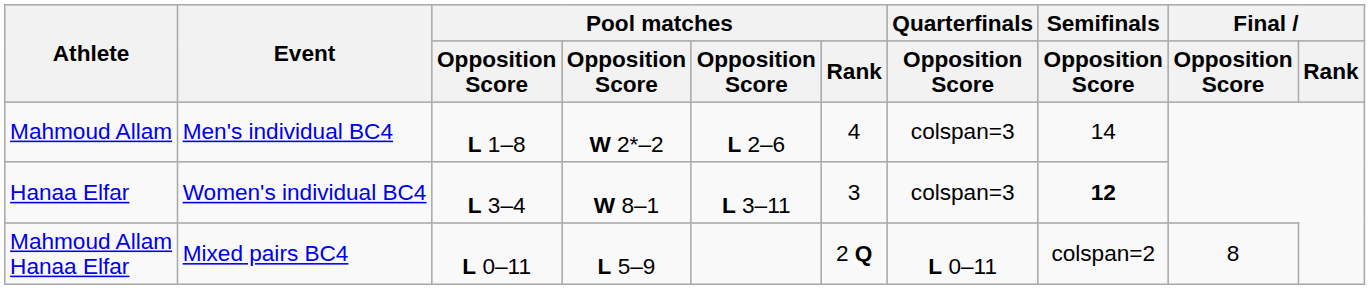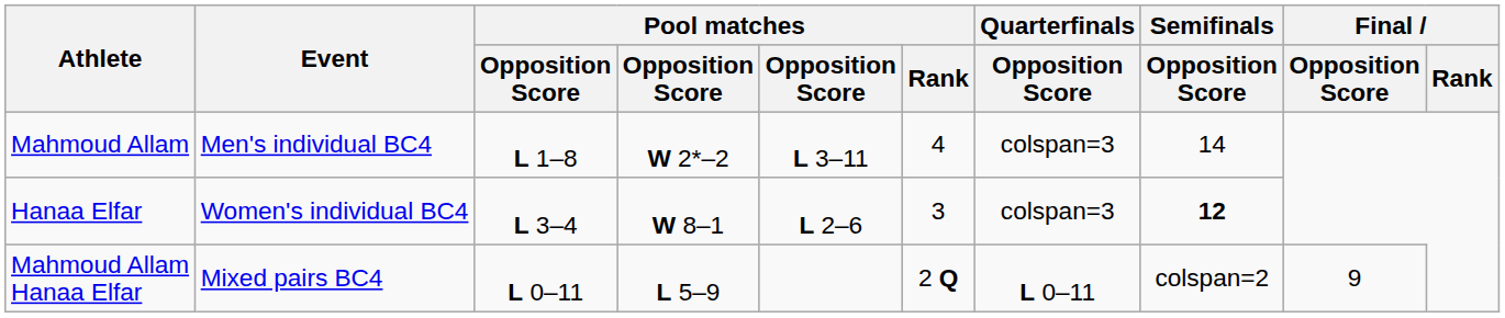 <table class=wikitable style="font-size:90%">
 <tr>
 <th rowspan="2">Athlete</th>
 <th rowspan="2">Event</th>
 <th colspan="4">Pool matches</th>
 <th>Quarterfinals</th>
 <th>Semifinals</th>
 <th colspan=2>Final / </th>
 </tr>
 <tr>
 <th>Opposition<br>Score</th>
 <th>Opposition<br>Score</th>
 <th>Opposition<br>Score</th>
 <th>Rank</th>
 <th>Opposition<br>Score</th>
 <th>Opposition<br>Score</th>
 <th>Opposition<br>Score</th>
 <th>Rank</th>
 </tr>
 <tr style="text-align:center">
 <td style="text-align:left"><a href='#'>Mahmoud Allam</a></td>
 <td style="text-align:left"><a href='#'>Men's individual BC4</a></td>
 <td><br><strong>L</strong> 1–8</td>
 <td><br><strong>W</strong> 2*–2</td>
-<td><br><strong>L</strong> 2–6</td>
+<td><br><strong>L</strong> 3–11</td>
 <td>4</td>
 <td>colspan=3 </td>
 <td>14</td>
 </tr>
 <tr style="text-align:center">
 <td style="text-align:left"><a href='#'>Hanaa Elfar</a></td>
 <td style="text-align:left"><a href='#'>Women's individual BC4</a></td>
 <td><br><strong>L</strong> 3–4</td>
 <td><br><strong>W</strong> 8–1</td>
-<td><br><strong>L</strong> 3–11</td>
+<td><br><strong>L</strong> 2–6</td>
 <td>3</td>
 <td>colspan=3 </td>
 <td><strong>12</strong></td>
 </tr>
 <tr style="text-align:center">
 <td style="text-align:left"><a href='#'>Mahmoud Allam</a><br><a href='#'>Hanaa Elfar</a></td>
 <td style="text-align:left"><a href='#'>Mixed pairs BC4</a></td>
 <td><br><strong>L</strong> 0–11</td>
 <td><br><strong>L</strong> 5–9</td>
 <td></td>
 <td>2 <strong>Q</strong></td>
 <td><br><strong>L</strong> 0–11</td>
 <td>colspan=2 </td>
-<td>8</td>
+<td>9</td>
 </tr>
 </table>
